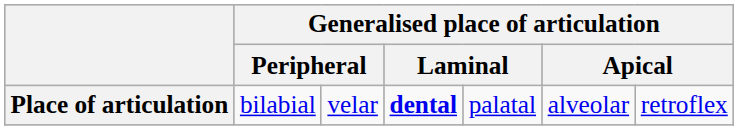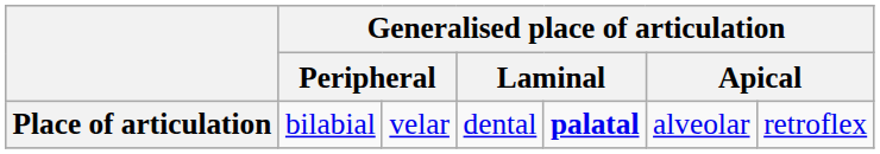 <table class="wikitable">
 <tr>
 <th rowspan="2"></th>
 <th colspan="6">Generalised place of articulation</th>
 </tr>
 <tr>
 <th colspan="2">Peripheral</th>
 <th colspan="2">Laminal</th>
 <th colspan="2">Apical</th>
 </tr>
 <tr>
 <th>Place of articulation</th>
 <td><a href='#'>bilabial</a></td>
 <td><a href='#'>velar</a></td>
-<td><strong><a href='#'>dental</a></strong></td>
-<td><a href='#'>palatal</a></td>
+<td><a href='#'>dental</a></td>
+<td><strong><a href='#'>palatal</a></strong></td>
 <td><a href='#'>alveolar</a></td>
 <td><a href='#'>retroflex</a></td>
 </tr>
 </table>
